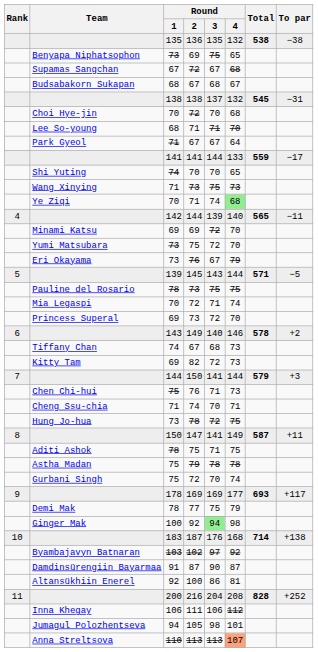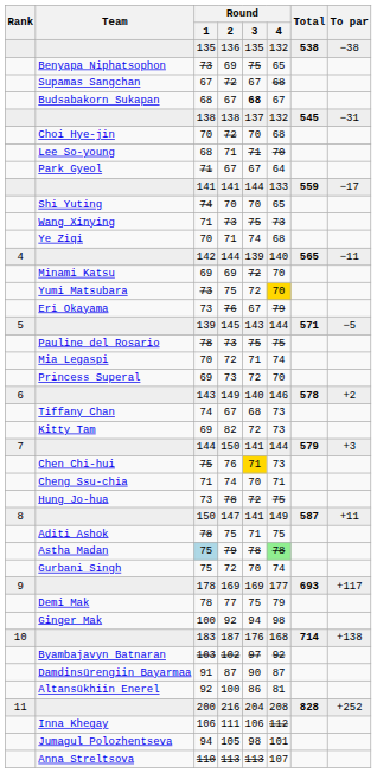 <table class=wikitable style="text-align:center">
 <tr>
 <th rowspan="2">Rank</th>
 <th rowspan="2">Team</th>
 <th colspan="4">Round</th>
 <th rowspan="2">Total</th>
 <th rowspan="2">To par</th>
 </tr>
 <tr>
 <th>1</th>
 <th>2</th>
 <th>3</th>
 <th>4</th>
 </tr>
 <tr style="background:#eeeeee;">
 <td></td>
 <td align=left></td>
 <td>135</td>
 <td>136</td>
 <td>135</td>
 <td>132</td>
 <td><strong>538</strong></td>
 <td>−38</td>
 </tr>
 <tr>
 <td></td>
 <td align=left><a href='#'>Benyapa Niphatsophon</a></td>
 <td><s>73</s></td>
 <td>69</td>
 <td><s>75</s></td>
 <td>65</td>
 <td></td>
 <td></td>
 </tr>
 <tr>
 <td></td>
 <td align=left><a href='#'>Supamas Sangchan</a></td>
 <td>67</td>
 <td><s>72</s></td>
 <td>67</td>
 <td><s>68</s></td>
 <td></td>
 <td></td>
 </tr>
 <tr>
 <td></td>
 <td align=left><a href='#'>Budsabakorn Sukapan</a></td>
 <td>68</td>
 <td>67</td>
-<td>68</td>
+<td><strong>68</strong></td>
 <td>67</td>
 <td></td>
 <td></td>
 </tr>
 <tr style="background:#eeeeee;">
 <td></td>
 <td align=left></td>
 <td>138</td>
 <td>138</td>
 <td>137</td>
 <td>132</td>
 <td><strong>545</strong></td>
 <td>−31</td>
 </tr>
 <tr>
 <td></td>
 <td align=left><a href='#'>Choi Hye-jin</a></td>
 <td>70</td>
 <td><s>72</s></td>
 <td>70</td>
 <td>68</td>
 <td></td>
 <td></td>
 </tr>
 <tr>
 <td></td>
 <td align=left><a href='#'>Lee So-young</a></td>
 <td>68</td>
 <td>71</td>
 <td><s>71</s></td>
 <td><s>70</s></td>
 <td></td>
 <td></td>
 </tr>
 <tr>
 <td></td>
 <td align=left><a href='#'>Park Gyeol</a></td>
 <td><s>71</s></td>
 <td>67</td>
 <td>67</td>
 <td>64</td>
 <td></td>
 <td></td>
 </tr>
 <tr style="background:#eeeeee;">
 <td></td>
 <td align=left></td>
 <td>141</td>
 <td>141</td>
 <td>144</td>
 <td>133</td>
 <td><strong>559</strong></td>
 <td>−17</td>
 </tr>
 <tr>
 <td></td>
 <td align=left><a href='#'>Shi Yuting</a></td>
 <td><s>74</s></td>
 <td>70</td>
 <td>70</td>
 <td>65</td>
 <td></td>
 <td></td>
 </tr>
 <tr>
 <td></td>
 <td align=left><a href='#'>Wang Xinying</a></td>
 <td>71</td>
 <td><s>73</s></td>
 <td><s>75</s></td>
 <td><s>73</s></td>
 <td></td>
 <td></td>
 </tr>
 <tr>
 <td></td>
 <td align=left><a href='#'>Ye Ziqi</a></td>
 <td>70</td>
 <td>71</td>
 <td>74</td>
-<td style="background: lightgreen;">68</td>
+<td>68</td>
 <td></td>
 <td></td>
 </tr>
 <tr style="background:#eeeeee;">
 <td>4</td>
 <td align=left></td>
 <td>142</td>
 <td>144</td>
 <td>139</td>
 <td>140</td>
 <td><strong>565</strong></td>
 <td>−11</td>
 </tr>
 <tr>
 <td></td>
 <td align=left><a href='#'>Minami Katsu</a></td>
 <td>69</td>
 <td>69</td>
 <td><s>72</s></td>
 <td>70</td>
 <td></td>
 <td></td>
 </tr>
 <tr>
 <td></td>
 <td align=left><a href='#'>Yumi Matsubara</a></td>
 <td><s>73</s></td>
 <td>75</td>
 <td>72</td>
-<td>70</td>
+<td style="background: gold;">70</td>
 <td></td>
 <td></td>
 </tr>
 <tr>
 <td></td>
 <td align=left><a href='#'>Eri Okayama</a></td>
 <td>73</td>
 <td><s>76</s></td>
 <td>67</td>
 <td><s>79</s></td>
 <td></td>
 <td></td>
 </tr>
 <tr style="background:#eeeeee;">
 <td>5</td>
 <td align=left></td>
 <td>139</td>
 <td>145</td>
 <td>143</td>
 <td>144</td>
 <td><strong>571</strong></td>
 <td>−5</td>
 </tr>
 <tr>
 <td></td>
 <td align=left><a href='#'>Pauline del Rosario</a></td>
 <td><s>78</s></td>
 <td><s>73</s></td>
 <td><s>75</s></td>
 <td><s>75</s></td>
 <td></td>
 <td></td>
 </tr>
 <tr>
 <td></td>
 <td align=left><a href='#'>Mia Legaspi</a></td>
 <td>70</td>
 <td>72</td>
 <td>71</td>
 <td>74</td>
 <td></td>
 <td></td>
 </tr>
 <tr>
 <td></td>
 <td align=left><a href='#'>Princess Superal</a></td>
 <td>69</td>
 <td>73</td>
 <td>72</td>
 <td>70</td>
 <td></td>
 <td></td>
 </tr>
 <tr style="background:#eeeeee;">
 <td>6</td>
 <td align=left></td>
 <td>143</td>
 <td>149</td>
 <td>140</td>
 <td>146</td>
 <td><strong>578</strong></td>
 <td>+2</td>
 </tr>
 <tr>
 <td></td>
 <td align=left><a href='#'>Tiffany Chan</a></td>
 <td>74</td>
 <td>67</td>
 <td>68</td>
 <td>73</td>
 <td></td>
 <td></td>
 </tr>
 <tr>
 <td></td>
 <td align=left><a href='#'>Kitty Tam</a></td>
 <td>69</td>
 <td>82</td>
 <td>72</td>
 <td>73</td>
 <td></td>
 <td></td>
 </tr>
 <tr style="background:#eeeeee;">
 <td>7</td>
 <td align=left></td>
 <td>144</td>
 <td>150</td>
 <td>141</td>
 <td>144</td>
 <td><strong>579</strong></td>
 <td>+3</td>
 </tr>
 <tr>
 <td></td>
 <td align=left><a href='#'>Chen Chi-hui</a></td>
 <td><s>75</s></td>
 <td>76</td>
-<td>71</td>
+<td style="background: gold;">71</td>
 <td>73</td>
 <td></td>
 <td></td>
 </tr>
 <tr>
 <td></td>
 <td align=left><a href='#'>Cheng Ssu-chia</a></td>
 <td>71</td>
 <td>74</td>
 <td>70</td>
 <td>71</td>
 <td></td>
 <td></td>
 </tr>
 <tr>
 <td></td>
 <td align=left><a href='#'>Hung Jo-hua</a></td>
 <td>73</td>
 <td><s>78</s></td>
 <td><s>72</s></td>
 <td><s>75</s></td>
 <td></td>
 <td></td>
 </tr>
 <tr style="background:#eeeeee;">
 <td>8</td>
 <td align=left></td>
 <td>150</td>
 <td>147</td>
 <td>141</td>
 <td>149</td>
 <td><strong>587</strong></td>
 <td>+11</td>
 </tr>
 <tr>
 <td></td>
 <td align=left><a href='#'>Aditi Ashok</a></td>
 <td><s>78</s></td>
 <td>75</td>
 <td>71</td>
 <td>75</td>
 <td></td>
 <td></td>
 </tr>
 <tr>
 <td></td>
 <td align=left><a href='#'>Astha Madan</a></td>
-<td>75</td>
+<td style="background: lightblue;">75</td>
 <td><s>79</s></td>
 <td><s>78</s></td>
-<td><s>78</s></td>
+<td style="background: lightgreen;"><s>78</s></td>
 <td></td>
 <td></td>
 </tr>
 <tr>
 <td></td>
 <td align=left><a href='#'>Gurbani Singh</a></td>
 <td>75</td>
 <td>72</td>
 <td>70</td>
 <td>74</td>
 <td></td>
 <td></td>
 </tr>
 <tr style="background:#eeeeee;">
 <td>9</td>
 <td align=left></td>
 <td>178</td>
 <td>169</td>
 <td>169</td>
 <td>177</td>
 <td><strong>693</strong></td>
 <td>+117</td>
 </tr>
 <tr>
 <td></td>
 <td align=left><a href='#'>Demi Mak</a></td>
 <td>78</td>
 <td>77</td>
 <td>75</td>
 <td>79</td>
 <td></td>
 <td></td>
 </tr>
 <tr>
 <td></td>
 <td align=left><a href='#'>Ginger Mak</a></td>
 <td>100</td>
 <td>92</td>
-<td style="background: lightgreen;">94</td>
+<td>94</td>
 <td>98</td>
 <td></td>
 <td></td>
 </tr>
 <tr style="background:#eeeeee;">
 <td>10</td>
 <td align=left></td>
 <td>183</td>
 <td>187</td>
 <td>176</td>
 <td>168</td>
 <td><strong>714</strong></td>
 <td>+138</td>
 </tr>
 <tr>
 <td></td>
 <td align=left><a href='#'>Byambajavyn Batnaran</a></td>
 <td><s>103</s></td>
 <td><s>102</s></td>
 <td><s>97</s></td>
 <td><s>92</s></td>
 <td></td>
 <td></td>
 </tr>
 <tr>
 <td></td>
 <td align=left><a href='#'>Damdinsürengiin Bayarmaa</a></td>
 <td>91</td>
 <td>87</td>
 <td>90</td>
 <td>87</td>
 <td></td>
 <td></td>
 </tr>
 <tr>
 <td></td>
 <td align=left><a href='#'>Altansükhiin Enerel</a></td>
 <td>92</td>
 <td>100</td>
 <td>86</td>
 <td>81</td>
 <td></td>
 <td></td>
 </tr>
 <tr style="background:#eeeeee;">
 <td>11</td>
 <td align=left></td>
 <td>200</td>
 <td>216</td>
 <td>204</td>
 <td>208</td>
 <td><strong>828</strong></td>
 <td>+252</td>
 </tr>
 <tr>
 <td></td>
 <td align=left><a href='#'>Inna Khegay</a></td>
 <td>106</td>
 <td>111</td>
 <td>106</td>
 <td><s>112</s></td>
 <td></td>
 <td></td>
 </tr>
 <tr>
 <td></td>
 <td align=left><a href='#'>Jumagul Polozhentseva</a></td>
 <td>94</td>
 <td>105</td>
 <td>98</td>
 <td>101</td>
 <td></td>
 <td></td>
 </tr>
 <tr>
 <td></td>
 <td align=left><a href='#'>Anna Streltsova</a></td>
 <td><s>110</s></td>
 <td><s>113</s></td>
 <td><s>113</s></td>
-<td style="background: lightsalmon;">107</td>
+<td>107</td>
 <td></td>
 <td></td>
 </tr>
 </table>
